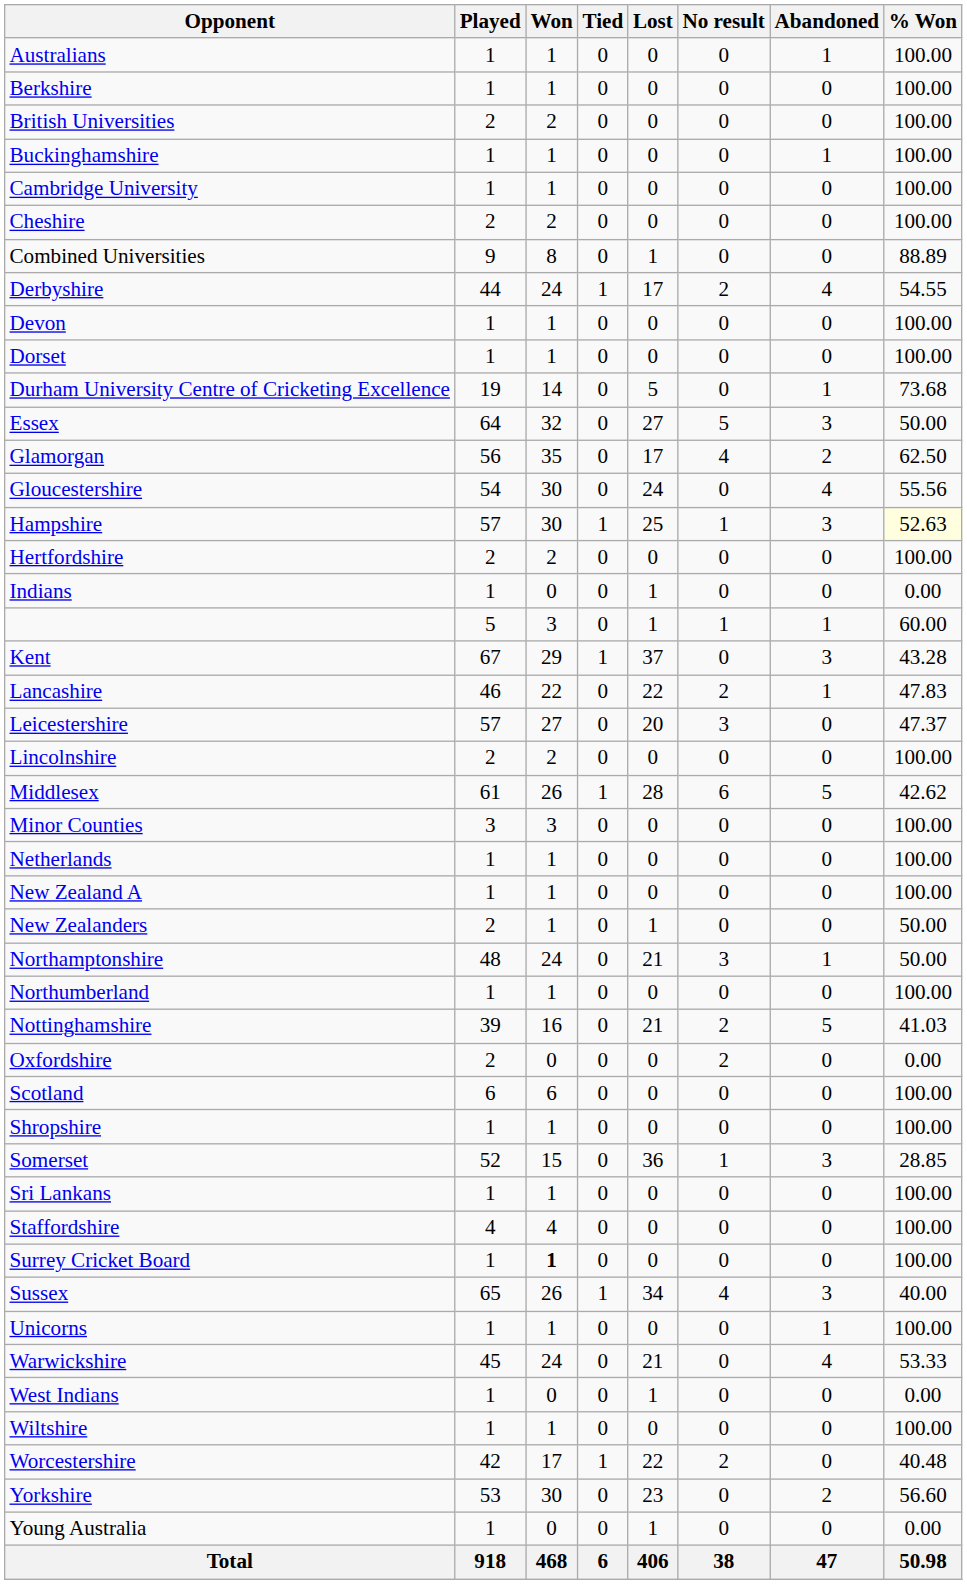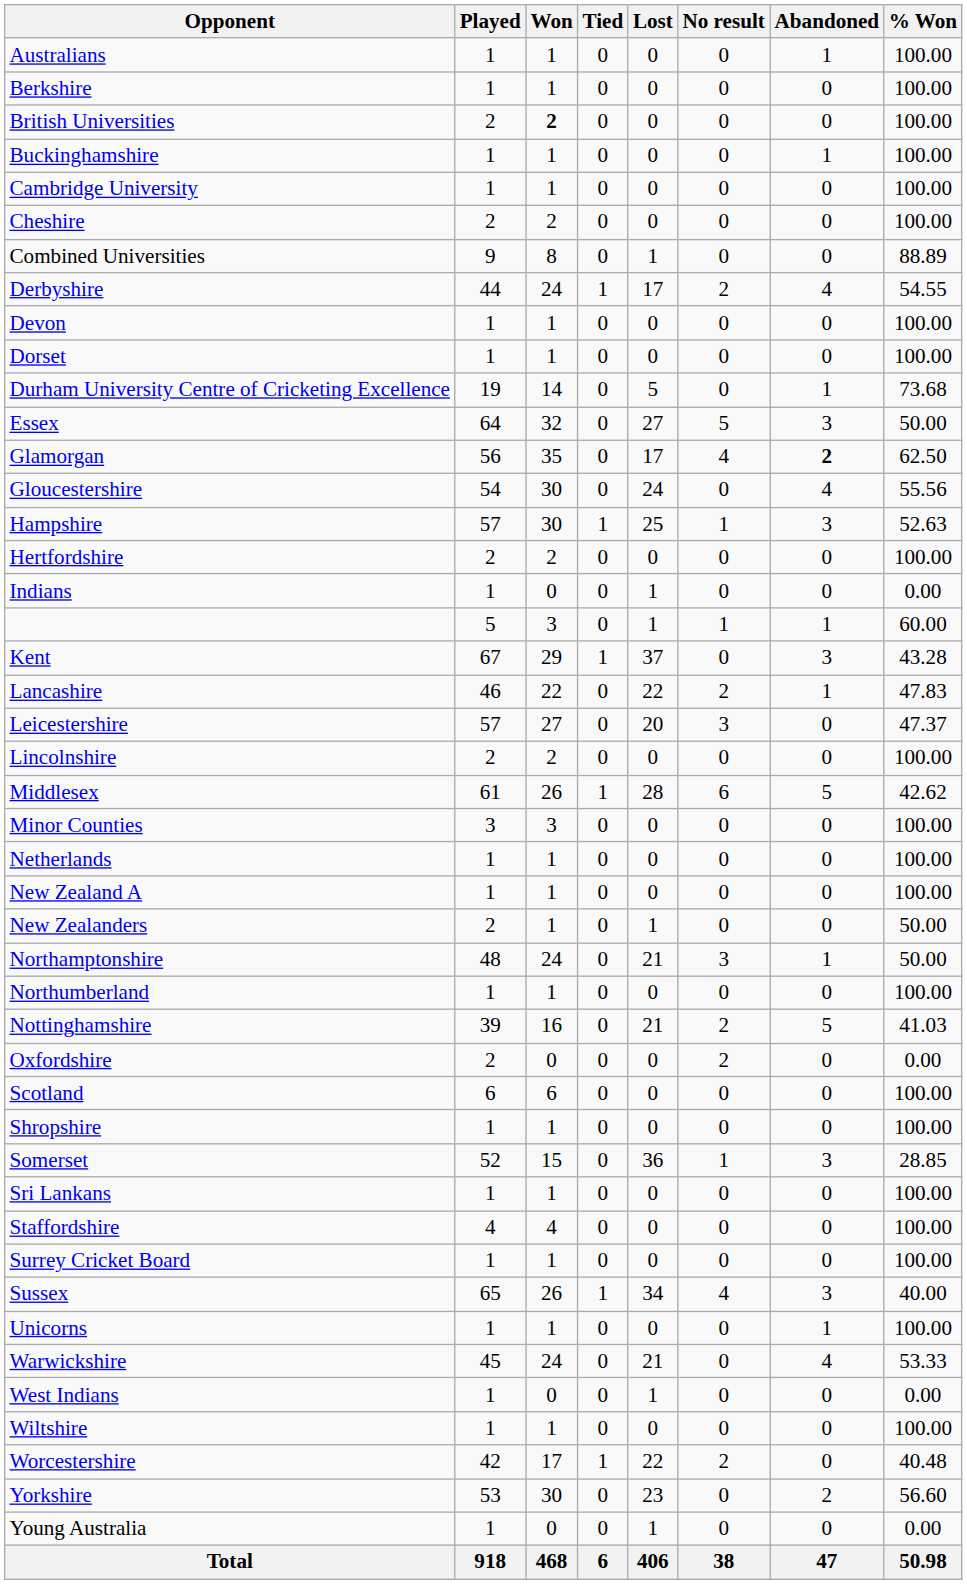 <table class="sortable wikitable" style="text-align:center">
 <tr>
 <th>Opponent</th>
 <th>Played</th>
 <th>Won</th>
 <th>Tied</th>
 <th>Lost</th>
 <th>No result</th>
 <th>Abandoned</th>
 <th>% Won</th>
 </tr>
 <tr>
 <td align="left"> <a href='#'>Australians</a></td>
 <td>1</td>
 <td>1</td>
 <td>0</td>
 <td>0</td>
 <td>0</td>
 <td>1</td>
 <td>100.00</td>
 </tr>
 <tr>
 <td align="left"><a href='#'>Berkshire</a></td>
 <td>1</td>
 <td>1</td>
 <td>0</td>
 <td>0</td>
 <td>0</td>
 <td>0</td>
 <td>100.00</td>
 </tr>
 <tr>
 <td align="left"><a href='#'>British Universities</a></td>
 <td>2</td>
-<td>2</td>
+<td><strong>2</strong></td>
 <td>0</td>
 <td>0</td>
 <td>0</td>
 <td>0</td>
 <td>100.00</td>
 </tr>
 <tr>
 <td align="left"><a href='#'>Buckinghamshire</a></td>
 <td>1</td>
 <td>1</td>
 <td>0</td>
 <td>0</td>
 <td>0</td>
 <td>1</td>
 <td>100.00</td>
 </tr>
 <tr>
 <td align="left"><a href='#'>Cambridge University</a></td>
 <td>1</td>
 <td>1</td>
 <td>0</td>
 <td>0</td>
 <td>0</td>
 <td>0</td>
 <td>100.00</td>
 </tr>
 <tr>
 <td align="left"><a href='#'>Cheshire</a></td>
 <td>2</td>
 <td>2</td>
 <td>0</td>
 <td>0</td>
 <td>0</td>
 <td>0</td>
 <td>100.00</td>
 </tr>
 <tr>
 <td align="left">Combined Universities</td>
 <td>9</td>
 <td>8</td>
 <td>0</td>
 <td>1</td>
 <td>0</td>
 <td>0</td>
 <td>88.89</td>
 </tr>
 <tr>
 <td align="left"><a href='#'>Derbyshire</a></td>
 <td>44</td>
 <td>24</td>
 <td>1</td>
 <td>17</td>
 <td>2</td>
 <td>4</td>
 <td>54.55</td>
 </tr>
 <tr>
 <td align="left"><a href='#'>Devon</a></td>
 <td>1</td>
 <td>1</td>
 <td>0</td>
 <td>0</td>
 <td>0</td>
 <td>0</td>
 <td>100.00</td>
 </tr>
 <tr>
 <td align="left"><a href='#'>Dorset</a></td>
 <td>1</td>
 <td>1</td>
 <td>0</td>
 <td>0</td>
 <td>0</td>
 <td>0</td>
 <td>100.00</td>
 </tr>
 <tr>
 <td align="left"><a href='#'>Durham University Centre of Cricketing Excellence</a></td>
 <td>19</td>
 <td>14</td>
 <td>0</td>
 <td>5</td>
 <td>0</td>
 <td>1</td>
 <td>73.68</td>
 </tr>
 <tr>
 <td align="left"><a href='#'>Essex</a></td>
 <td>64</td>
 <td>32</td>
 <td>0</td>
 <td>27</td>
 <td>5</td>
 <td>3</td>
 <td>50.00</td>
 </tr>
 <tr>
 <td align="left"><a href='#'>Glamorgan</a></td>
 <td>56</td>
 <td>35</td>
 <td>0</td>
 <td>17</td>
 <td>4</td>
-<td>2</td>
+<td><strong>2</strong></td>
 <td>62.50</td>
 </tr>
 <tr>
 <td align="left"><a href='#'>Gloucestershire</a></td>
 <td>54</td>
 <td>30</td>
 <td>0</td>
 <td>24</td>
 <td>0</td>
 <td>4</td>
 <td>55.56</td>
 </tr>
 <tr>
 <td align="left"><a href='#'>Hampshire</a></td>
 <td>57</td>
 <td>30</td>
 <td>1</td>
 <td>25</td>
 <td>1</td>
 <td>3</td>
-<td style="background: lightyellow;">52.63</td>
+<td>52.63</td>
 </tr>
 <tr>
 <td align="left"><a href='#'>Hertfordshire</a></td>
 <td>2</td>
 <td>2</td>
 <td>0</td>
 <td>0</td>
 <td>0</td>
 <td>0</td>
 <td>100.00</td>
 </tr>
 <tr>
 <td align="left"> <a href='#'>Indians</a></td>
 <td>1</td>
 <td>0</td>
 <td>0</td>
 <td>1</td>
 <td>0</td>
 <td>0</td>
 <td>0.00</td>
 </tr>
 <tr>
 <td align="left"></td>
 <td>5</td>
 <td>3</td>
 <td>0</td>
 <td>1</td>
 <td>1</td>
 <td>1</td>
 <td>60.00</td>
 </tr>
 <tr>
 <td align="left"><a href='#'>Kent</a></td>
 <td>67</td>
 <td>29</td>
 <td>1</td>
 <td>37</td>
 <td>0</td>
 <td>3</td>
 <td>43.28</td>
 </tr>
 <tr>
 <td align="left"><a href='#'>Lancashire</a></td>
 <td>46</td>
 <td>22</td>
 <td>0</td>
 <td>22</td>
 <td>2</td>
 <td>1</td>
 <td>47.83</td>
 </tr>
 <tr>
 <td align="left"><a href='#'>Leicestershire</a></td>
 <td>57</td>
 <td>27</td>
 <td>0</td>
 <td>20</td>
 <td>3</td>
 <td>0</td>
 <td>47.37</td>
 </tr>
 <tr>
 <td align="left"><a href='#'>Lincolnshire</a></td>
 <td>2</td>
 <td>2</td>
 <td>0</td>
 <td>0</td>
 <td>0</td>
 <td>0</td>
 <td>100.00</td>
 </tr>
 <tr>
 <td align="left"><a href='#'>Middlesex</a></td>
 <td>61</td>
 <td>26</td>
 <td>1</td>
 <td>28</td>
 <td>6</td>
 <td>5</td>
 <td>42.62</td>
 </tr>
 <tr>
 <td align="left"><a href='#'>Minor Counties</a></td>
 <td>3</td>
 <td>3</td>
 <td>0</td>
 <td>0</td>
 <td>0</td>
 <td>0</td>
 <td>100.00</td>
 </tr>
 <tr>
 <td align="left"> <a href='#'>Netherlands</a></td>
 <td>1</td>
 <td>1</td>
 <td>0</td>
 <td>0</td>
 <td>0</td>
 <td>0</td>
 <td>100.00</td>
 </tr>
 <tr>
 <td align="left"><a href='#'>New Zealand A</a></td>
 <td>1</td>
 <td>1</td>
 <td>0</td>
 <td>0</td>
 <td>0</td>
 <td>0</td>
 <td>100.00</td>
 </tr>
 <tr>
 <td align="left"> <a href='#'>New Zealanders</a></td>
 <td>2</td>
 <td>1</td>
 <td>0</td>
 <td>1</td>
 <td>0</td>
 <td>0</td>
 <td>50.00</td>
 </tr>
 <tr>
 <td align="left"><a href='#'>Northamptonshire</a></td>
 <td>48</td>
 <td>24</td>
 <td>0</td>
 <td>21</td>
 <td>3</td>
 <td>1</td>
 <td>50.00</td>
 </tr>
 <tr>
 <td align="left"><a href='#'>Northumberland</a></td>
 <td>1</td>
 <td>1</td>
 <td>0</td>
 <td>0</td>
 <td>0</td>
 <td>0</td>
 <td>100.00</td>
 </tr>
 <tr>
 <td align="left"><a href='#'>Nottinghamshire</a></td>
 <td>39</td>
 <td>16</td>
 <td>0</td>
 <td>21</td>
 <td>2</td>
 <td>5</td>
 <td>41.03</td>
 </tr>
 <tr>
 <td align="left"><a href='#'>Oxfordshire</a></td>
 <td>2</td>
 <td>0</td>
 <td>0</td>
 <td>0</td>
 <td>2</td>
 <td>0</td>
 <td>0.00</td>
 </tr>
 <tr>
 <td align="left"> <a href='#'>Scotland</a></td>
 <td>6</td>
 <td>6</td>
 <td>0</td>
 <td>0</td>
 <td>0</td>
 <td>0</td>
 <td>100.00</td>
 </tr>
 <tr>
 <td align="left"><a href='#'>Shropshire</a></td>
 <td>1</td>
 <td>1</td>
 <td>0</td>
 <td>0</td>
 <td>0</td>
 <td>0</td>
 <td>100.00</td>
 </tr>
 <tr>
 <td align="left"><a href='#'>Somerset</a></td>
 <td>52</td>
 <td>15</td>
 <td>0</td>
 <td>36</td>
 <td>1</td>
 <td>3</td>
 <td>28.85</td>
 </tr>
 <tr>
 <td align="left"> <a href='#'>Sri Lankans</a></td>
 <td>1</td>
 <td>1</td>
 <td>0</td>
 <td>0</td>
 <td>0</td>
 <td>0</td>
 <td>100.00</td>
 </tr>
 <tr>
 <td align="left"><a href='#'>Staffordshire</a></td>
 <td>4</td>
 <td>4</td>
 <td>0</td>
 <td>0</td>
 <td>0</td>
 <td>0</td>
 <td>100.00</td>
 </tr>
 <tr>
 <td align="left"><a href='#'>Surrey Cricket Board</a></td>
 <td>1</td>
-<td><strong>1</strong></td>
+<td>1</td>
 <td>0</td>
 <td>0</td>
 <td>0</td>
 <td>0</td>
 <td>100.00</td>
 </tr>
 <tr>
 <td align="left"><a href='#'>Sussex</a></td>
 <td>65</td>
 <td>26</td>
 <td>1</td>
 <td>34</td>
 <td>4</td>
 <td>3</td>
 <td>40.00</td>
 </tr>
 <tr>
 <td align="left"><a href='#'>Unicorns</a></td>
 <td>1</td>
 <td>1</td>
 <td>0</td>
 <td>0</td>
 <td>0</td>
 <td>1</td>
 <td>100.00</td>
 </tr>
 <tr>
 <td align="left"><a href='#'>Warwickshire</a></td>
 <td>45</td>
 <td>24</td>
 <td>0</td>
 <td>21</td>
 <td>0</td>
 <td>4</td>
 <td>53.33</td>
 </tr>
 <tr>
 <td align="left"> <a href='#'>West Indians</a></td>
 <td>1</td>
 <td>0</td>
 <td>0</td>
 <td>1</td>
 <td>0</td>
 <td>0</td>
 <td>0.00</td>
 </tr>
 <tr>
 <td align="left"><a href='#'>Wiltshire</a></td>
 <td>1</td>
 <td>1</td>
 <td>0</td>
 <td>0</td>
 <td>0</td>
 <td>0</td>
 <td>100.00</td>
 </tr>
 <tr>
 <td align="left"><a href='#'>Worcestershire</a></td>
 <td>42</td>
 <td>17</td>
 <td>1</td>
 <td>22</td>
 <td>2</td>
 <td>0</td>
 <td>40.48</td>
 </tr>
 <tr>
 <td align="left"><a href='#'>Yorkshire</a></td>
 <td>53</td>
 <td>30</td>
 <td>0</td>
 <td>23</td>
 <td>0</td>
 <td>2</td>
 <td>56.60</td>
 </tr>
 <tr>
 <td align="left">Young Australia</td>
 <td>1</td>
 <td>0</td>
 <td>0</td>
 <td>1</td>
 <td>0</td>
 <td>0</td>
 <td>0.00</td>
 </tr>
 <tr>
 <th><strong>Total</strong></th>
 <th><strong>918</strong></th>
 <th><strong>468</strong></th>
 <th><strong>6</strong></th>
 <th><strong>406</strong></th>
 <th><strong>38</strong></th>
 <th><strong>47</strong></th>
 <th><strong>50.98</strong></th>
 </tr>
 <tr>
 </tr>
 </table>
